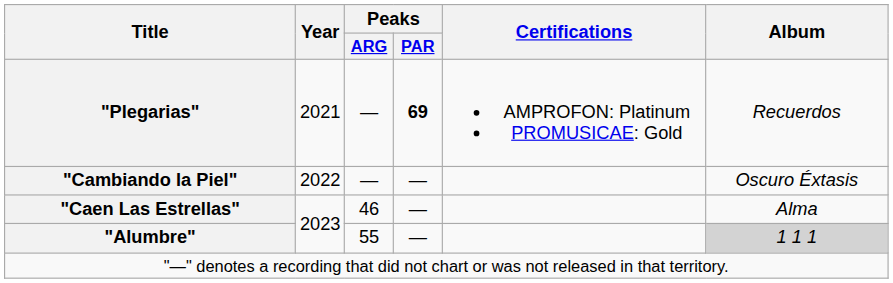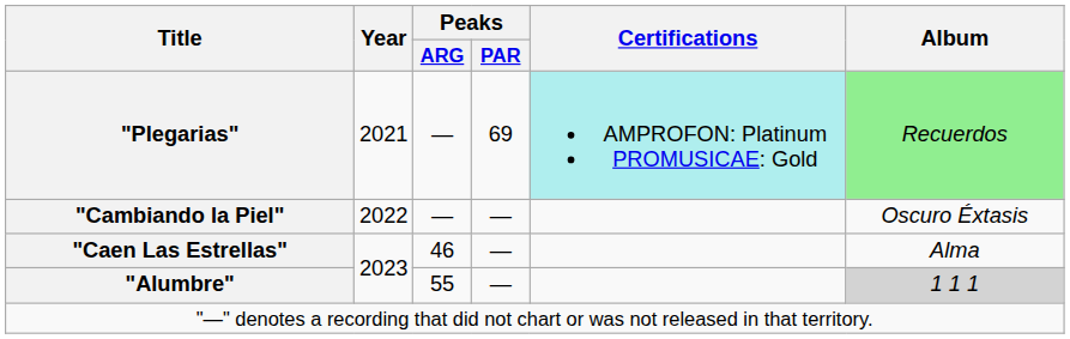 <table class="wikitable plainrowheaders" style="text-align:center;" border="1">
 <tr>
 <th scope="col" rowspan="2" style="width:15.5em;">Title</th>
 <th scope="col" rowspan="2" style="width:1em;">Year</th>
 <th scope="col" colspan="2">Peaks</th>
 <th scope="col" rowspan="2" style="width:14em;"><a href='#'>Certifications</a></th>
 <th scope="col" rowspan="2" style="width:9.5em;">Album</th>
 </tr>
 <tr>
 <th scope="col" style="width:2.5em;font-size:90%;"><a href='#'>ARG</a><br></th>
 <th scope="col" style="width:2.5em;font-size:90%;"><a href='#'>PAR</a><br></th>
 </tr>
 <tr>
 <th scope="row">"Plegarias"</th>
 <td>2021</td>
 <td>—</td>
-<td><strong>69</strong></td>
-<td><br><ul><li>AMPROFON: Platinum</li><li><a href='#'>PROMUSICAE</a>: Gold</li></ul></td>
-<td><em>Recuerdos</em></td>
+<td>69</td>
+<td style="background: paleturquoise;"><br><ul><li>AMPROFON: Platinum</li><li><a href='#'>PROMUSICAE</a>: Gold</li></ul></td>
+<td style="background: lightgreen;"><em>Recuerdos</em></td>
 </tr>
 <tr>
 <th scope="row">"Cambiando la Piel"<br></th>
 <td>2022</td>
 <td>—</td>
 <td>—</td>
 <td></td>
 <td><em>Oscuro Éxtasis</em></td>
 </tr>
 <tr>
 <th scope="row">"Caen Las Estrellas"<br></th>
 <td rowspan="2">2023</td>
 <td>46</td>
 <td>—</td>
 <td></td>
 <td><em>Alma</em></td>
 </tr>
 <tr>
 <th scope="row">"Alumbre"<br></th>
 <td>55</td>
 <td>—</td>
 <td></td>
 <td style="background: lightgrey;"><em>1 1 1</em></td>
 </tr>
 <tr>
 <td colspan="14" style="font-size:90%">"—" denotes a recording that did not chart or was not released in that territory.</td>
 </tr>
 </table>
